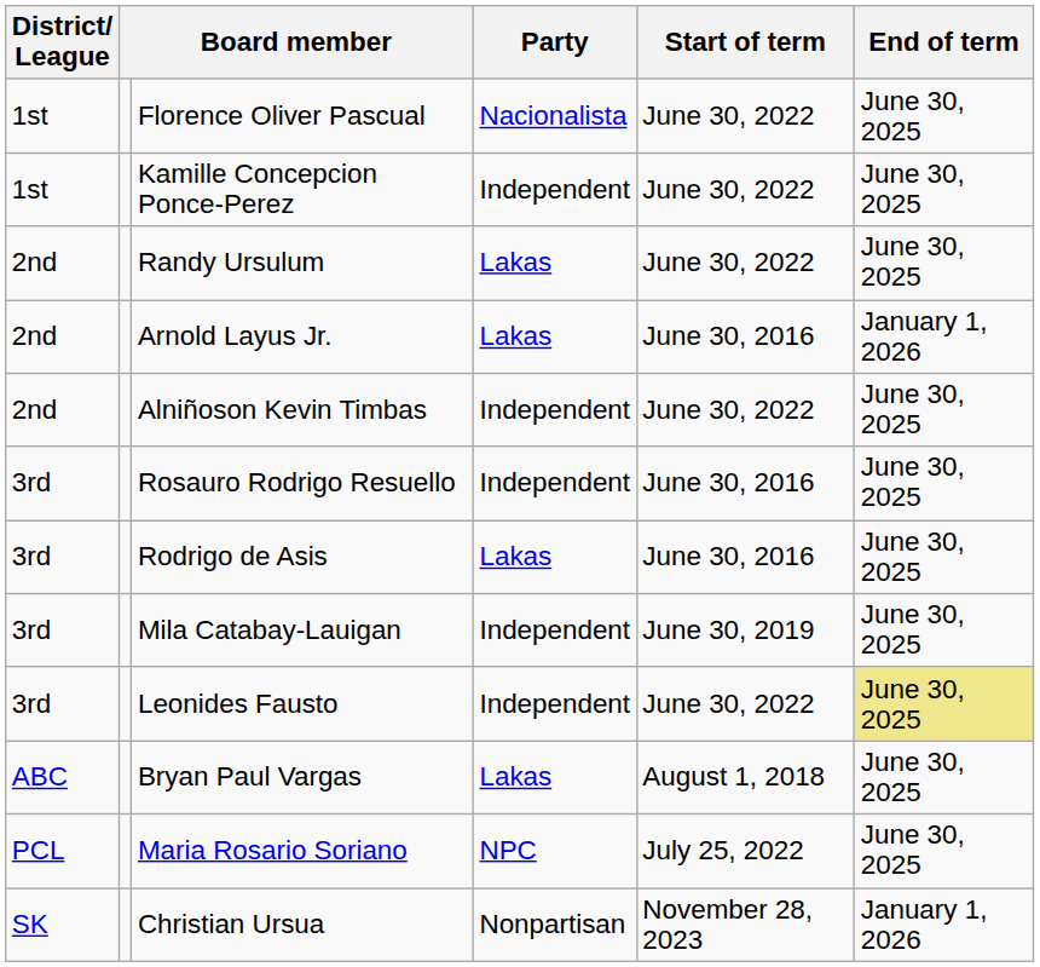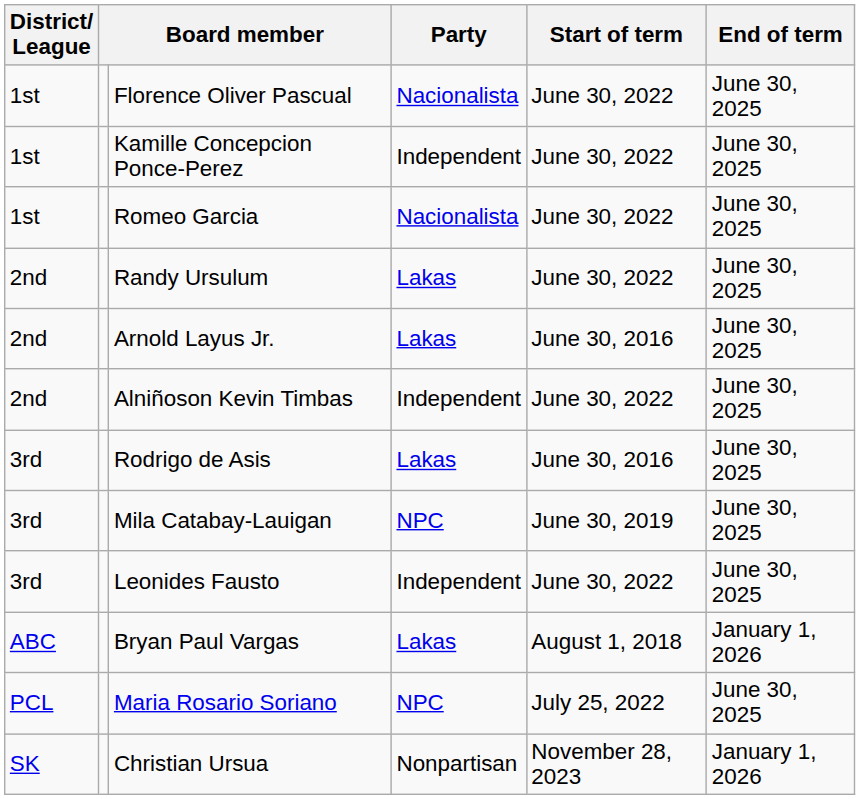 <table class="wikitable">
 <tr>
 <th>District/<br>League</th>
 <th colspan="2">Board member</th>
 <th>Party</th>
 <th>Start of term</th>
 <th>End of term</th>
 </tr>
 <tr>
 <td>1st</td>
 <td></td>
 <td>Florence Oliver Pascual</td>
 <td><a href='#'>Nacionalista</a></td>
 <td>June 30, 2022</td>
 <td>June 30, 2025</td>
 </tr>
 <tr>
 <td>1st</td>
 <td></td>
 <td>Kamille Concepcion Ponce-Perez</td>
 <td>Independent</td>
 <td>June 30, 2022</td>
 <td>June 30, 2025</td>
 </tr>
 <tr>
+<td>1st</td>
+<td></td>
+<td>Romeo Garcia</td>
+<td><a href='#'>Nacionalista</a></td>
+<td>June 30, 2022</td>
+<td>June 30, 2025</td>
+</tr>
+<tr>
 <td>2nd</td>
 <td></td>
 <td>Randy Ursulum</td>
 <td><a href='#'>Lakas</a></td>
 <td>June 30, 2022</td>
 <td>June 30, 2025</td>
 </tr>
 <tr>
 <td>2nd</td>
 <td></td>
 <td>Arnold Layus Jr.</td>
 <td><a href='#'>Lakas</a></td>
 <td>June 30, 2016</td>
-<td>January 1, 2026</td>
+<td>June 30, 2025</td>
 </tr>
 <tr>
 <td>2nd</td>
 <td></td>
 <td>Alniñoson Kevin Timbas</td>
 <td>Independent</td>
 <td>June 30, 2022</td>
-<td>June 30, 2025</td>
-</tr>
-<tr>
-<td>3rd</td>
-<td></td>
-<td>Rosauro Rodrigo Resuello</td>
-<td>Independent</td>
-<td>June 30, 2016</td>
 <td>June 30, 2025</td>
 </tr>
 <tr>
 <td>3rd</td>
 <td></td>
 <td>Rodrigo de Asis</td>
 <td><a href='#'>Lakas</a></td>
 <td>June 30, 2016</td>
 <td>June 30, 2025</td>
 </tr>
 <tr>
 <td>3rd</td>
 <td></td>
 <td>Mila Catabay-Lauigan</td>
-<td>Independent</td>
+<td><a href='#'>NPC</a></td>
 <td>June 30, 2019</td>
 <td>June 30, 2025</td>
 </tr>
 <tr>
 <td>3rd</td>
 <td></td>
 <td>Leonides Fausto</td>
 <td>Independent</td>
 <td>June 30, 2022</td>
-<td style="background: khaki;">June 30, 2025</td>
+<td>June 30, 2025</td>
 </tr>
 <tr>
 <td><a href='#'>ABC</a></td>
 <td></td>
 <td>Bryan Paul Vargas</td>
 <td><a href='#'>Lakas</a></td>
 <td>August 1, 2018</td>
-<td>June 30, 2025</td>
+<td>January 1, 2026</td>
 </tr>
 <tr>
 <td><a href='#'>PCL</a></td>
 <td></td>
 <td><a href='#'>Maria Rosario Soriano</a></td>
 <td><a href='#'>NPC</a></td>
 <td>July 25, 2022</td>
 <td>June 30, 2025</td>
 </tr>
 <tr>
 <td><a href='#'>SK</a></td>
 <td></td>
 <td>Christian Ursua</td>
 <td>Nonpartisan</td>
 <td>November 28, 2023</td>
 <td>January 1, 2026</td>
 </tr>
 </table>
